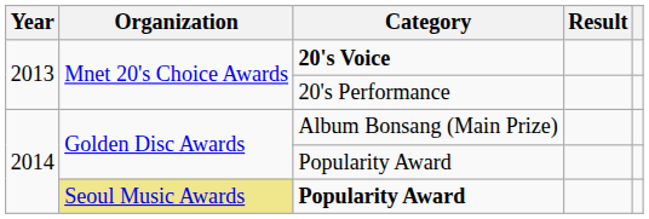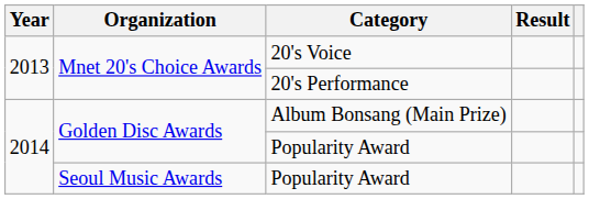 <table class="wikitable plainrowheaders">
 <tr>
 <th>Year</th>
 <th>Organization</th>
 <th>Category</th>
 <th>Result</th>
 <th scope="col" class="unsortable"></th>
 </tr>
 <tr>
 <td rowspan="2">2013</td>
 <td rowspan="2"><a href='#'>Mnet 20's Choice Awards</a></td>
-<td><strong>20's Voice</strong></td>
+<td>20's Voice</td>
 <td></td>
 <td style="text-align:center;"></td>
 </tr>
 <tr>
 <td>20's Performance</td>
 <td></td>
 <td style="text-align:center;"></td>
 </tr>
 <tr>
 <td rowspan="3">2014</td>
 <td rowspan="2"><a href='#'>Golden Disc Awards</a></td>
 <td>Album Bonsang (Main Prize)</td>
 <td></td>
 <td style="text-align:center;"></td>
 </tr>
 <tr>
 <td>Popularity Award</td>
 <td></td>
 <td></td>
 </tr>
 <tr>
-<td style="background: khaki;"><a href='#'>Seoul Music Awards</a></td>
-<td><strong>Popularity Award</strong></td>
+<td><a href='#'>Seoul Music Awards</a></td>
+<td>Popularity Award</td>
 <td></td>
 <td style="text-align:center;"></td>
 </tr>
 </table>
